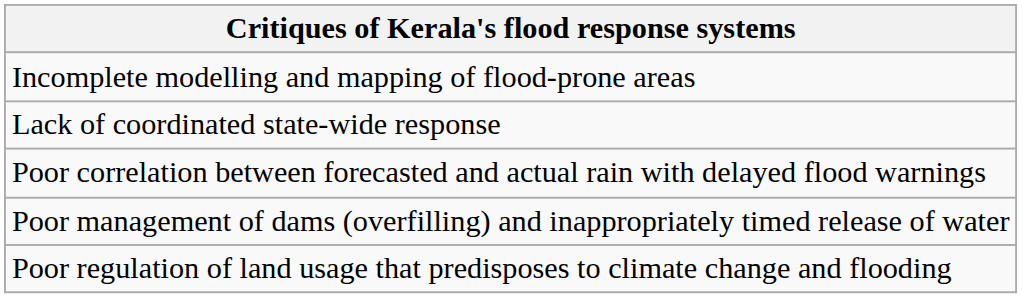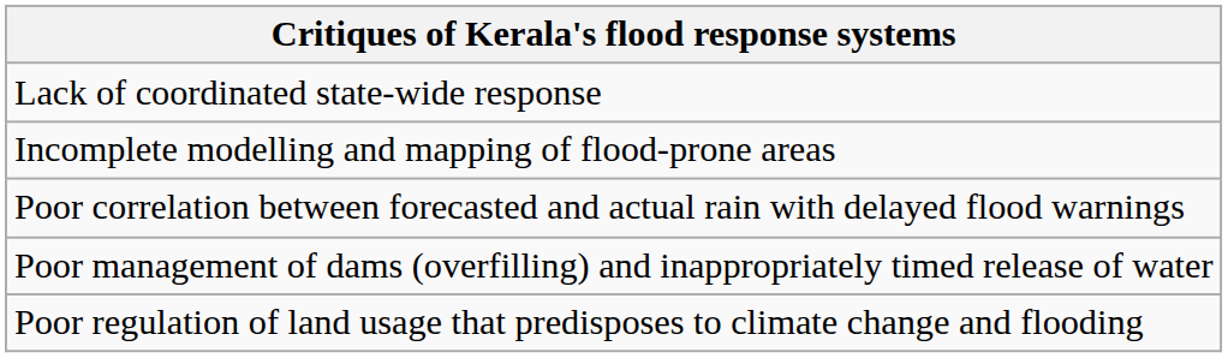 <table class="wikitable">
 <tr>
 <th>Critiques of Kerala's flood response systems</th>
 </tr>
 <tr>
-<td>Incomplete modelling and mapping of flood-prone areas</td>
+<td>Lack of coordinated state-wide response</td>
 </tr>
 <tr>
-<td>Lack of coordinated state-wide response</td>
+<td>Incomplete modelling and mapping of flood-prone areas</td>
 </tr>
 <tr>
 <td>Poor correlation between forecasted and actual rain with delayed flood warnings</td>
 </tr>
 <tr>
 <td>Poor management of dams (overfilling) and inappropriately timed release of water</td>
 </tr>
 <tr>
 <td>Poor regulation of land usage that predisposes to climate change and flooding</td>
 </tr>
 </table>
